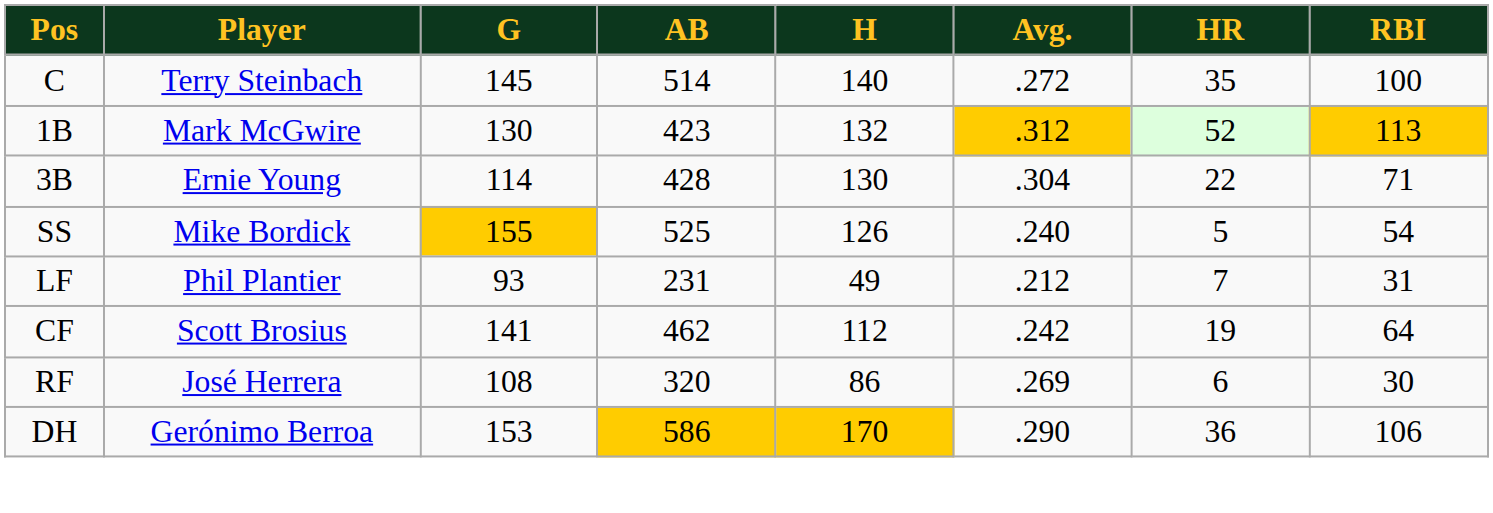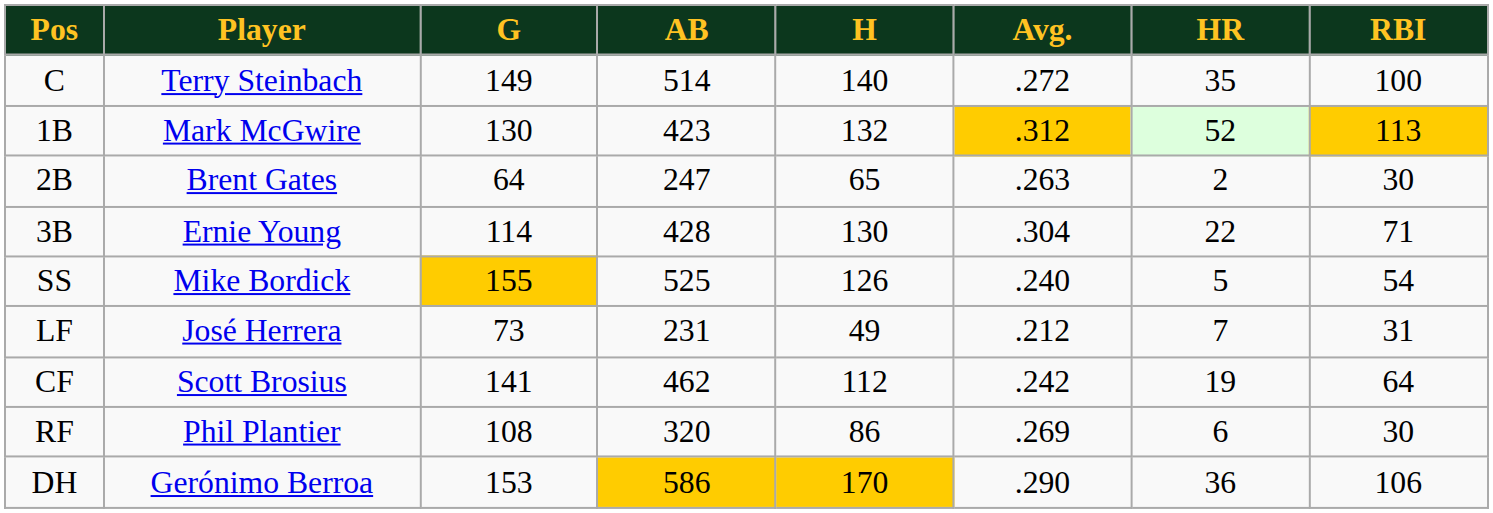 <table class="wikitable sortable">
 <tr>
 <th style="background:#0C371D;color:#ffc322;" width="5%">Pos</th>
 <th style="background:#0C371D;color:#ffc322;" width="16%">Player</th>
 <th style="background:#0C371D;color:#ffc322;" width="9%">G</th>
 <th style="background:#0C371D;color:#ffc322;" width="9%">AB</th>
 <th style="background:#0C371D;color:#ffc322;" width="9%">H</th>
 <th style="background:#0C371D;color:#ffc322;" width="9%">Avg.</th>
 <th style="background:#0C371D;color:#ffc322;" width="9%">HR</th>
 <th style="background:#0C371D;color:#ffc322;" width="9%">RBI</th>
 </tr>
 <tr align="center">
 <td>C</td>
 <td><a href='#'>Terry Steinbach</a></td>
-<td>145</td>
+<td>149</td>
 <td>514</td>
 <td>140</td>
 <td>.272</td>
 <td>35</td>
 <td>100</td>
 </tr>
 <tr align="center">
 <td>1B</td>
 <td><a href='#'>Mark McGwire</a></td>
 <td>130</td>
 <td>423</td>
 <td>132</td>
 <td style="background:#fc0;">.312</td>
 <td style="background:#DDFFDD;">52</td>
 <td style="background:#fc0;">113</td>
+</tr>
+<tr align="center">
+<td>2B</td>
+<td><a href='#'>Brent Gates</a></td>
+<td>64</td>
+<td>247</td>
+<td>65</td>
+<td>.263</td>
+<td>2</td>
+<td>30</td>
 </tr>
 <tr align="center">
 <td>3B</td>
 <td><a href='#'>Ernie Young</a></td>
 <td>114</td>
 <td>428</td>
 <td>130</td>
 <td>.304</td>
 <td>22</td>
 <td>71</td>
 </tr>
 <tr align="center">
 <td>SS</td>
 <td><a href='#'>Mike Bordick</a></td>
 <td style="background:#fc0;">155</td>
 <td>525</td>
 <td>126</td>
 <td>.240</td>
 <td>5</td>
 <td>54</td>
 </tr>
 <tr align="center">
 <td>LF</td>
-<td><a href='#'>Phil Plantier</a></td>
-<td>93</td>
+<td><a href='#'>José Herrera</a></td>
+<td>73</td>
 <td>231</td>
 <td>49</td>
 <td>.212</td>
 <td>7</td>
 <td>31</td>
 </tr>
 <tr align="center">
 <td>CF</td>
 <td><a href='#'>Scott Brosius</a></td>
 <td>141</td>
 <td>462</td>
 <td>112</td>
 <td>.242</td>
 <td>19</td>
 <td>64</td>
 </tr>
 <tr align="center">
 <td>RF</td>
-<td><a href='#'>José Herrera</a></td>
+<td><a href='#'>Phil Plantier</a></td>
 <td>108</td>
 <td>320</td>
 <td>86</td>
 <td>.269</td>
 <td>6</td>
 <td>30</td>
 </tr>
 <tr align="center">
 <td>DH</td>
 <td><a href='#'>Gerónimo Berroa</a></td>
 <td>153</td>
 <td style="background:#fc0;">586</td>
 <td style="background:#fc0;">170</td>
 <td>.290</td>
 <td>36</td>
 <td>106</td>
 </tr>
 </table>
